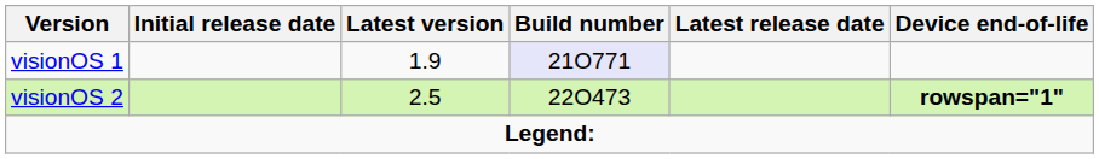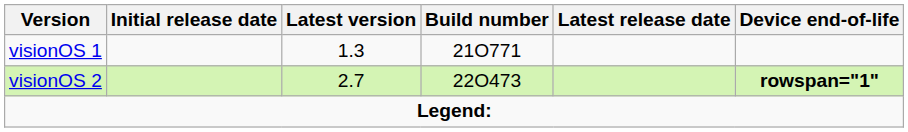 <table class=wikitable style="text-align:center;">
 <tr>
 <th>Version</th>
 <th>Initial release date</th>
 <th>Latest version</th>
 <th>Build number</th>
 <th>Latest release date</th>
 <th>Device end-of-life</th>
 </tr>
 <tr>
 <td><a href='#'>visionOS 1</a></td>
 <td></td>
-<td>1.9</td>
-<td style="background: lavender;">21O771</td>
+<td>1.3</td>
+<td>21O771</td>
 <td></td>
 <td></td>
 </tr>
 <tr style="background:#d4f4b4;">
 <td rowspan="1"><a href='#'>visionOS 2</a></td>
 <td rowspan="1"></td>
-<td>2.5</td>
+<td>2.7</td>
 <td>22O473</td>
 <td></td>
 <td><strong>rowspan="1" </strong></td>
 </tr>
 <tr>
 <td colspan="6"><strong>Legend:</strong>    </td>
 </tr>
 </table>
